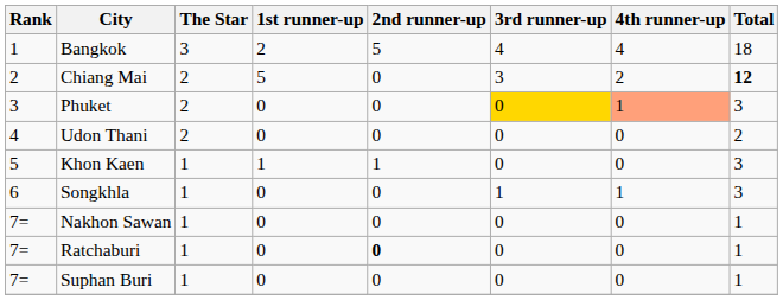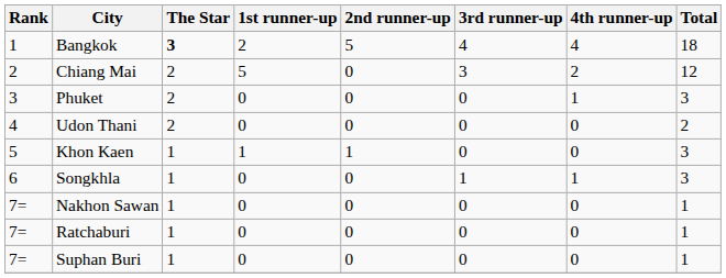 <table class="wikitable sortable">
 <tr>
 <th>Rank</th>
 <th>City</th>
 <th>The Star</th>
 <th>1st runner-up</th>
 <th>2nd runner-up</th>
 <th>3rd runner-up</th>
 <th>4th runner-up</th>
 <th>Total</th>
 </tr>
 <tr>
 <td>1</td>
 <td>Bangkok</td>
-<td>3</td>
+<td><strong>3</strong></td>
 <td>2</td>
 <td>5</td>
 <td>4</td>
 <td>4</td>
 <td>18</td>
 </tr>
 <tr>
 <td>2</td>
 <td>Chiang Mai</td>
 <td>2</td>
 <td>5</td>
 <td>0</td>
 <td>3</td>
 <td>2</td>
-<td><strong>12</strong></td>
+<td>12</td>
 </tr>
 <tr>
 <td>3</td>
 <td>Phuket</td>
 <td>2</td>
 <td>0</td>
 <td>0</td>
-<td style="background: gold;">0</td>
-<td style="background: lightsalmon;">1</td>
+<td>0</td>
+<td>1</td>
 <td>3</td>
 </tr>
 <tr>
 <td>4</td>
 <td>Udon Thani</td>
 <td>2</td>
 <td>0</td>
 <td>0</td>
 <td>0</td>
 <td>0</td>
 <td>2</td>
 </tr>
 <tr>
 <td>5</td>
 <td>Khon Kaen</td>
 <td>1</td>
 <td>1</td>
 <td>1</td>
 <td>0</td>
 <td>0</td>
 <td>3</td>
 </tr>
 <tr>
 <td>6</td>
 <td>Songkhla</td>
 <td>1</td>
 <td>0</td>
 <td>0</td>
 <td>1</td>
 <td>1</td>
 <td>3</td>
 </tr>
 <tr>
 <td>7=</td>
 <td>Nakhon Sawan</td>
 <td>1</td>
 <td>0</td>
 <td>0</td>
 <td>0</td>
 <td>0</td>
 <td>1</td>
 </tr>
 <tr>
 <td>7=</td>
 <td>Ratchaburi</td>
 <td>1</td>
 <td>0</td>
-<td><strong>0</strong></td>
+<td>0</td>
 <td>0</td>
 <td>0</td>
 <td>1</td>
 </tr>
 <tr>
 <td>7=</td>
 <td>Suphan Buri</td>
 <td>1</td>
 <td>0</td>
 <td>0</td>
 <td>0</td>
 <td>0</td>
 <td>1</td>
 </tr>
 <tr>
 </tr>
 </table>
